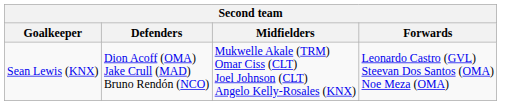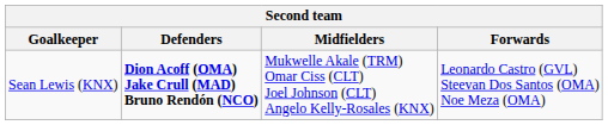 <table class="wikitable">
 <tr>
 <th colspan="4">Second team</th>
 </tr>
 <tr>
 <th>Goalkeeper</th>
 <th>Defenders</th>
 <th>Midfielders</th>
 <th>Forwards</th>
 </tr>
 <tr>
 <td> <a href='#'>Sean Lewis</a> (<a href='#'>KNX</a>)</td>
-<td> <a href='#'>Dion Acoff</a> (<a href='#'>OMA</a>)<br> <a href='#'>Jake Crull</a> (<a href='#'>MAD</a>)<br> Bruno Rendón (<a href='#'>NCO</a>)</td>
+<td><strong> <a href='#'>Dion Acoff</a> (<a href='#'>OMA</a>)<br> <a href='#'>Jake Crull</a> (<a href='#'>MAD</a>)<br> Bruno Rendón (<a href='#'>NCO</a>)</strong></td>
 <td> <a href='#'>Mukwelle Akale</a> (<a href='#'>TRM</a>)<br> <a href='#'>Omar Ciss</a> (<a href='#'>CLT</a>)<br> <a href='#'>Joel Johnson</a> (<a href='#'>CLT</a>)<br> <a href='#'>Angelo Kelly-Rosales</a> (<a href='#'>KNX</a>)</td>
 <td> <a href='#'>Leonardo Castro</a> (<a href='#'>GVL</a>)<br> <a href='#'>Steevan Dos Santos</a> (<a href='#'>OMA</a>)<br> <a href='#'>Noe Meza</a> (<a href='#'>OMA</a>)</td>
 </tr>
 </table>
